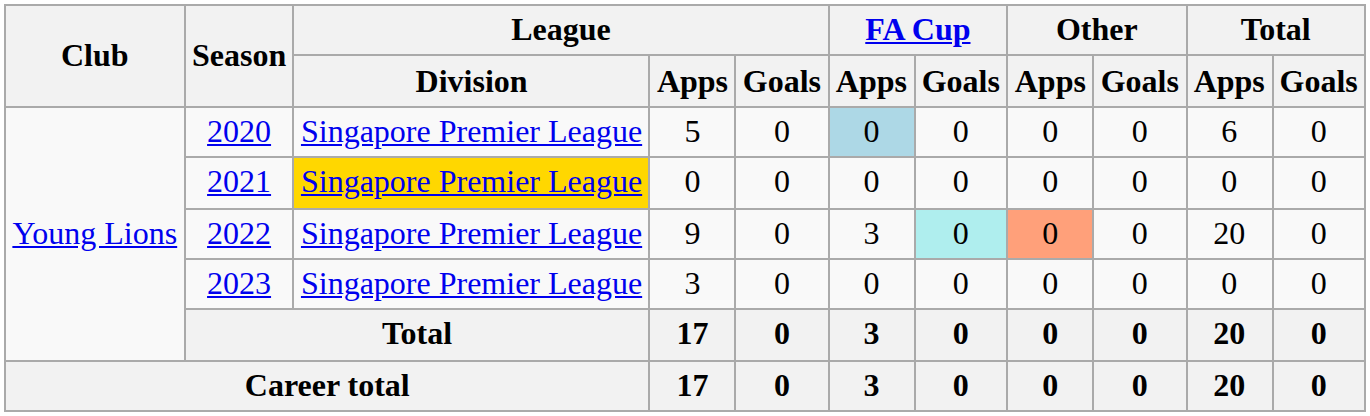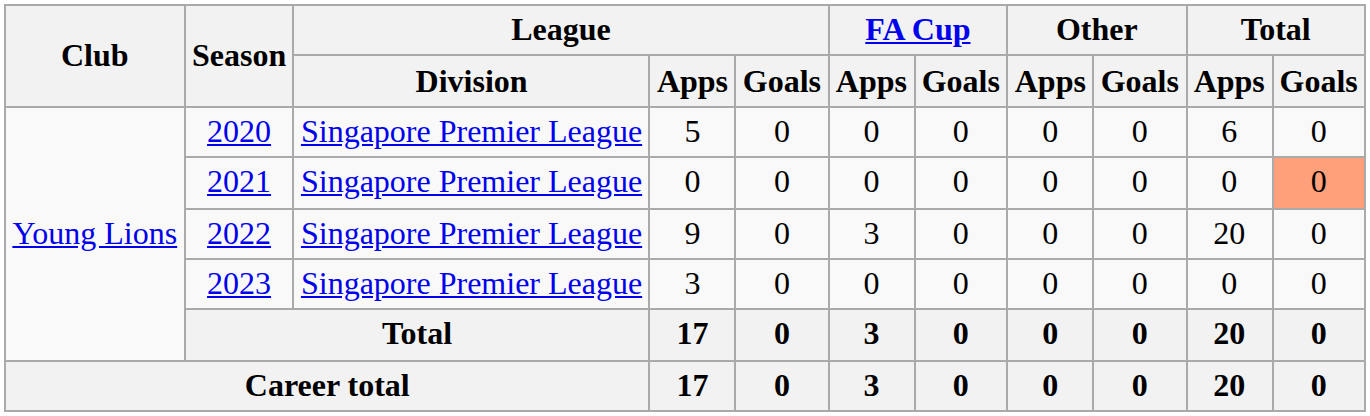 <table class="wikitable" style="text-align: center">
 <tr>
 <th rowspan="2">Club</th>
 <th rowspan="2">Season</th>
 <th colspan="3">League</th>
 <th colspan="2"><a href='#'>FA Cup</a></th>
 <th colspan="2">Other</th>
 <th colspan="2">Total</th>
 </tr>
 <tr>
 <th>Division</th>
 <th>Apps</th>
 <th>Goals</th>
 <th>Apps</th>
 <th>Goals</th>
 <th>Apps</th>
 <th>Goals</th>
 <th>Apps</th>
 <th>Goals</th>
 </tr>
 <tr>
 <td rowspan="5"><a href='#'>Young Lions</a></td>
 <td><a href='#'>2020</a></td>
 <td><a href='#'>Singapore Premier League</a></td>
 <td>5</td>
 <td>0</td>
-<td style="background: lightblue;">0</td>
+<td>0</td>
 <td>0</td>
 <td>0</td>
 <td>0</td>
 <td>6</td>
 <td>0</td>
 </tr>
 <tr>
 <td><a href='#'>2021</a></td>
-<td style="background: gold;"><a href='#'>Singapore Premier League</a></td>
+<td><a href='#'>Singapore Premier League</a></td>
 <td>0</td>
 <td>0</td>
 <td>0</td>
 <td>0</td>
 <td>0</td>
 <td>0</td>
 <td>0</td>
-<td>0</td>
+<td style="background: lightsalmon;">0</td>
 </tr>
 <tr>
 <td><a href='#'>2022</a></td>
 <td><a href='#'>Singapore Premier League</a></td>
 <td>9</td>
 <td>0</td>
 <td>3</td>
-<td style="background: paleturquoise;">0</td>
-<td style="background: lightsalmon;">0</td>
+<td>0</td>
+<td>0</td>
 <td>0</td>
 <td>20</td>
 <td>0</td>
 </tr>
 <tr>
 <td><a href='#'>2023</a></td>
 <td><a href='#'>Singapore Premier League</a></td>
 <td>3</td>
 <td>0</td>
 <td>0</td>
 <td>0</td>
 <td>0</td>
 <td>0</td>
 <td>0</td>
 <td>0</td>
 </tr>
 <tr>
 <th colspan=2>Total</th>
 <th>17</th>
 <th>0</th>
 <th>3</th>
 <th>0</th>
 <th>0</th>
 <th>0</th>
 <th>20</th>
 <th>0</th>
 </tr>
 <tr>
 <th colspan=3>Career total</th>
 <th>17</th>
 <th>0</th>
 <th>3</th>
 <th>0</th>
 <th>0</th>
 <th>0</th>
 <th>20</th>
 <th>0</th>
 </tr>
 </table>
